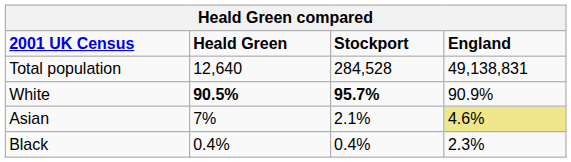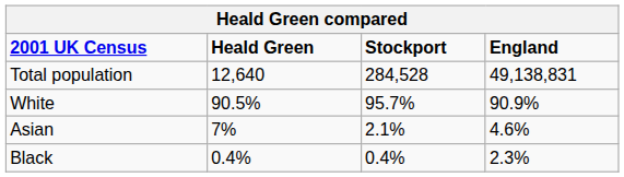 <table class="wikitable" id="toc" style="float: right; margin-left: 1em; width: 40%; font-size: 90%;" cellspacing="5">
 <tr>
 <th colspan="4"><strong>Heald Green compared</strong></th>
 </tr>
 <tr>
 <td><strong><a href='#'>2001 UK Census</a></strong></td>
 <td><strong>Heald Green</strong></td>
 <td><strong>Stockport</strong></td>
 <td><strong>England</strong></td>
 </tr>
 <tr>
 <td>Total population</td>
 <td>12,640</td>
 <td>284,528</td>
 <td>49,138,831</td>
 </tr>
 <tr>
 <td>White</td>
-<td><strong>90.5%</strong></td>
-<td><strong>95.7%</strong></td>
+<td>90.5%</td>
+<td>95.7%</td>
 <td>90.9%</td>
 </tr>
 <tr>
 <td>Asian</td>
 <td>7%</td>
 <td>2.1%</td>
-<td style="background: khaki;">4.6%</td>
+<td>4.6%</td>
 </tr>
 <tr>
 <td>Black</td>
 <td>0.4%</td>
 <td>0.4%</td>
 <td>2.3%</td>
 </tr>
 </table>
